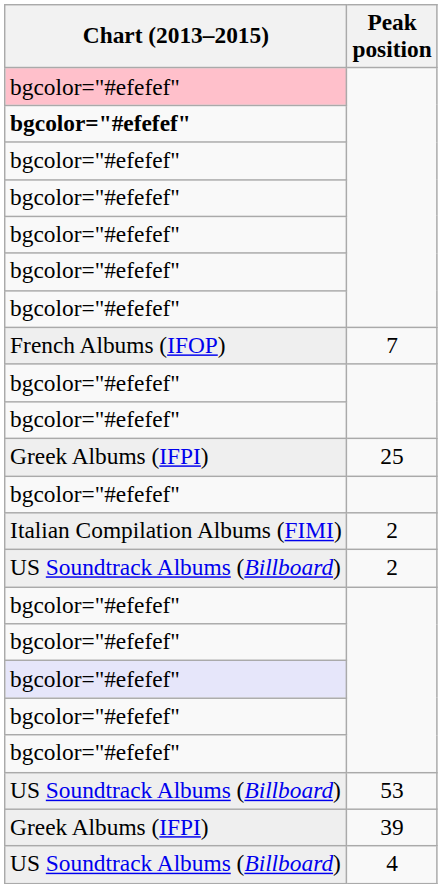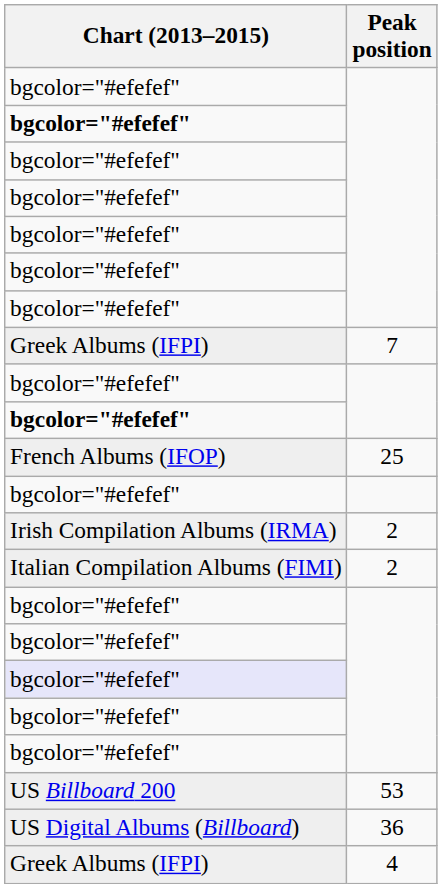 <table class="wikitable sortable plainrowheaders">
 <tr>
 <th>Chart (2013–2015)</th>
 <th>Peak<br>position</th>
 </tr>
 <tr>
-<td style="background: pink;">bgcolor="#efefef" </td>
+<td>bgcolor="#efefef" </td>
 </tr>
 <tr>
 <td><strong>bgcolor="#efefef" </strong></td>
 </tr>
 <tr>
 <td>bgcolor="#efefef" </td>
 </tr>
 <tr>
 <td>bgcolor="#efefef" </td>
 </tr>
 <tr>
 <td>bgcolor="#efefef" </td>
 </tr>
 <tr>
 <td>bgcolor="#efefef" </td>
 </tr>
 <tr>
 <td>bgcolor="#efefef" </td>
 </tr>
 <tr>
-<td bgcolor="#efefef">French Albums (<a href='#'>IFOP</a>)</td>
+<td bgcolor="#efefef">Greek Albums (<a href='#'>IFPI</a>)</td>
 <td align="center">7</td>
 </tr>
 <tr>
 <td>bgcolor="#efefef" </td>
 </tr>
 <tr>
-<td>bgcolor="#efefef" </td>
+<td><strong>bgcolor="#efefef" </strong></td>
 </tr>
 <tr>
-<td bgcolor="#efefef">Greek Albums (<a href='#'>IFPI</a>)</td>
+<td bgcolor="#efefef">French Albums (<a href='#'>IFOP</a>)</td>
 <td align="center">25</td>
 </tr>
 <tr>
 <td>bgcolor="#efefef" </td>
 </tr>
 <tr>
-<td bgcolor="#efefef">Italian Compilation Albums (<a href='#'>FIMI</a>)</td>
+<td bgcolor="#efefef">Irish Compilation Albums (<a href='#'>IRMA</a>)</td>
 <td align="center">2</td>
 </tr>
 <tr>
-<td bgcolor="#efefef">US <a href='#'>Soundtrack Albums</a> (<a href='#'><em>Billboard</em></a>)</td>
+<td bgcolor="#efefef">Italian Compilation Albums (<a href='#'>FIMI</a>)</td>
 <td align="center">2</td>
 </tr>
 <tr>
 <td>bgcolor="#efefef" </td>
 </tr>
 <tr>
 <td>bgcolor="#efefef" </td>
 </tr>
 <tr>
 <td style="background: lavender;">bgcolor="#efefef" </td>
 </tr>
 <tr>
 <td>bgcolor="#efefef" </td>
 </tr>
 <tr>
 <td>bgcolor="#efefef" </td>
 </tr>
 <tr>
-<td bgcolor="#efefef">US <a href='#'>Soundtrack Albums</a> (<a href='#'><em>Billboard</em></a>)</td>
+<td bgcolor="#efefef">US <a href='#'><em>Billboard</em> 200</a></td>
 <td align="center">53</td>
 </tr>
 <tr>
-<td bgcolor="#efefef">Greek Albums (<a href='#'>IFPI</a>)</td>
-<td align="center">39</td>
+<td bgcolor="#efefef">US <a href='#'>Digital Albums</a> (<a href='#'><em>Billboard</em></a>)</td>
+<td align="center">36</td>
 </tr>
 <tr>
-<td bgcolor="#efefef">US <a href='#'>Soundtrack Albums</a> (<a href='#'><em>Billboard</em></a>)</td>
+<td bgcolor="#efefef">Greek Albums (<a href='#'>IFPI</a>)</td>
 <td align="center">4</td>
 </tr>
 </table>
